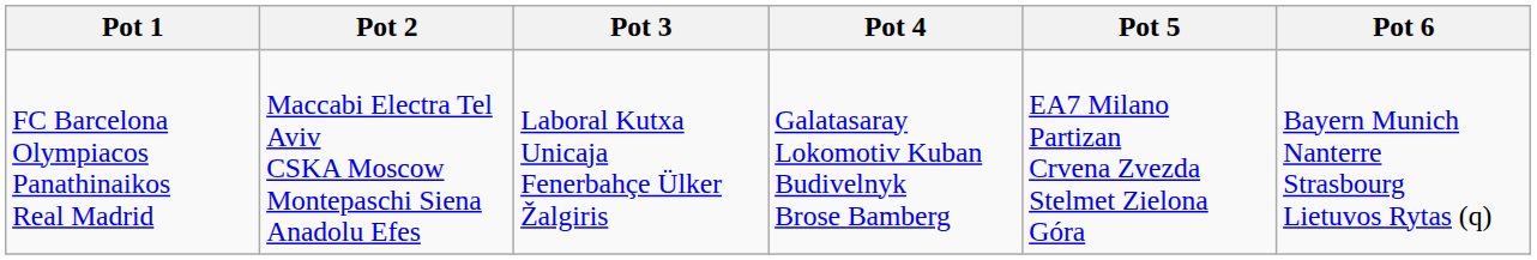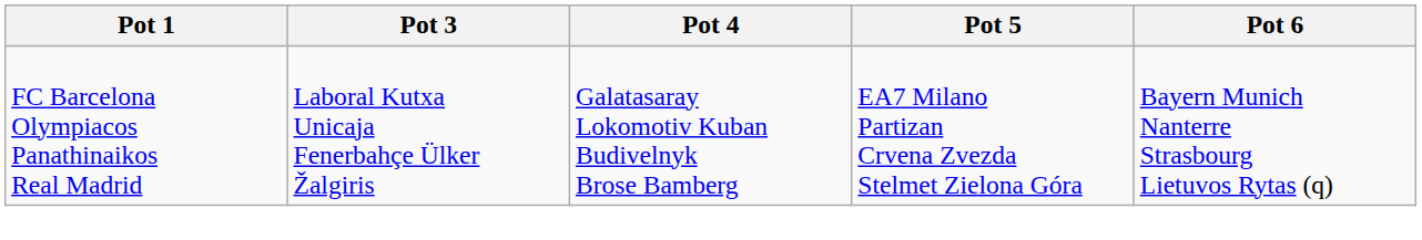 <table class="wikitable" style="width:98%">
 <tr>
 <th width=16%><strong>Pot 1</strong></th>
-<th width=16%><strong>Pot 2</strong></th>
 <th width=16%><strong>Pot 3</strong></th>
 <th width=16%><strong>Pot 4</strong></th>
 <th width=16%><strong>Pot 5</strong></th>
 <th width=16%><strong>Pot 6</strong></th>
 </tr>
 <tr>
 <td><br> <a href='#'>FC Barcelona</a> <br>  <a href='#'>Olympiacos</a><br>  <a href='#'>Panathinaikos</a><br>  <a href='#'>Real Madrid</a><br></td>
-<td><br> <a href='#'>Maccabi Electra Tel Aviv</a><br>  <a href='#'>CSKA Moscow</a><br>  <a href='#'>Montepaschi Siena</a><br>  <a href='#'>Anadolu Efes</a><br></td>
 <td><br> <a href='#'>Laboral Kutxa</a><br>  <a href='#'>Unicaja</a><br>  <a href='#'>Fenerbahçe Ülker</a><br>  <a href='#'>Žalgiris</a><br></td>
 <td><br> <a href='#'>Galatasaray</a><br>  <a href='#'>Lokomotiv Kuban</a><br>  <a href='#'>Budivelnyk</a><br>  <a href='#'>Brose Bamberg</a><br></td>
 <td><br> <a href='#'>EA7 Milano</a><br>  <a href='#'>Partizan</a><br>  <a href='#'>Crvena Zvezda</a><br>  <a href='#'>Stelmet Zielona Góra</a> <br></td>
 <td><br> <a href='#'>Bayern Munich</a> <br>  <a href='#'>Nanterre</a><br>  <a href='#'>Strasbourg</a><br>  <a href='#'>Lietuvos Rytas</a> (q)</td>
 </tr>
 </table>
